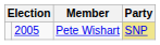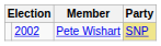 <table class="wikitable">
 <tr>
 <th colspan="2">Election</th>
 <th>Member</th>
 <th>Party</th>
 </tr>
 <tr>
 <td style="color:inherit;background-color: "></td>
-<td><a href='#'>2005</a></td>
+<td><a href='#'>2002</a></td>
 <td><a href='#'>Pete Wishart</a></td>
 <td style="background: khaki;"><a href='#'>SNP</a></td>
 </tr>
 </table>
